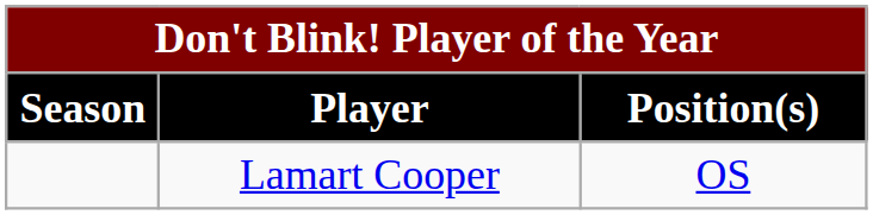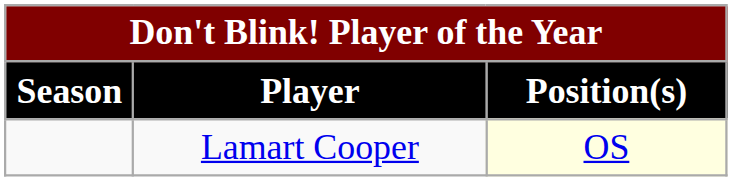 <table class="wikitable sortable"==AFL return to Oklahoma City== style="text-align:center">
 <tr>
 <td colspan="4" style="background:maroon; color:white;"><strong>Don't Blink! Player of the Year</strong></td>
 </tr>
 <tr>
 <th style="width:50px; background:black; color:white;">Season</th>
 <th style="width:150px; background:black; color:white;">Player</th>
 <th style="width:100px; background:black; color:white;">Position(s)</th>
 </tr>
 <tr>
 <td></td>
 <td><a href='#'>Lamart Cooper</a></td>
-<td><a href='#'>OS</a></td>
+<td style="background: lightyellow;"><a href='#'>OS</a></td>
 </tr>
 </table>
